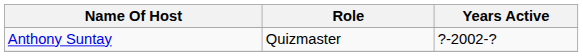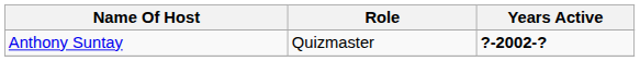 <table class="wikitable" width= "100%">
 <tr>
 <th width=45%>Name Of Host</th>
 <th width=30%>Role</th>
 <th width=25%>Years Active</th>
 </tr>
 <tr>
 </tr>
 <tr>
 <td><a href='#'>Anthony Suntay</a></td>
 <td>Quizmaster</td>
-<td>?-2002-?</td>
+<td><strong>?-2002-?</strong></td>
 </tr>
 <tr>
 </tr>
 </table>
